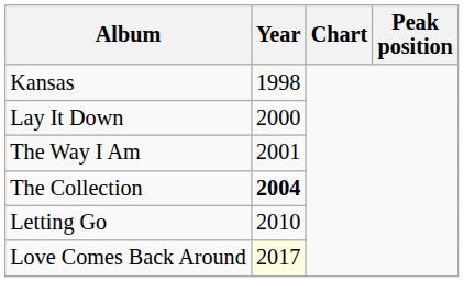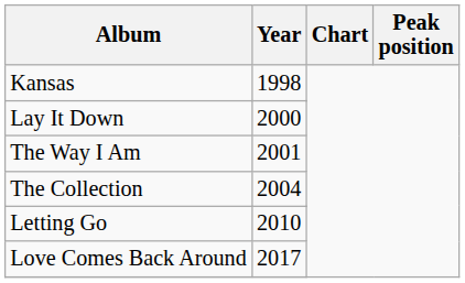 <table class="wikitable sortable">
 <tr>
 <th>Album</th>
 <th>Year</th>
 <th>Chart</th>
 <th>Peak<br>position</th>
 </tr>
 <tr>
 <td rowspan="2">Kansas</td>
 <td rowspan="2">1998<br></td>
 </tr>
 <tr>
 </tr>
 <tr>
 <td rowspan="2">Lay It Down</td>
 <td rowspan="2">2000<br></td>
 </tr>
 <tr>
 </tr>
 <tr>
 <td rowspan="2">The Way I Am</td>
 <td rowspan="2">2001<br></td>
 </tr>
 <tr>
 </tr>
 <tr>
 <td rowspan="1">The Collection</td>
-<td rowspan="1"><strong>2004<br></strong></td>
+<td rowspan="1">2004<br></td>
 </tr>
 <tr>
 <td rowspan="5">Letting Go</td>
 <td rowspan="5">2010<br></td>
 </tr>
 <tr>
 </tr>
 <tr>
 </tr>
 <tr>
 </tr>
 <tr>
 </tr>
 <tr>
 <td rowspan="1">Love Comes Back Around</td>
-<td rowspan="1" style="background: lightyellow;">2017<br></td>
+<td rowspan="1">2017<br></td>
 </tr>
 <tr>
 </tr>
 </table>
